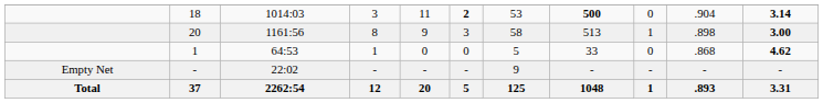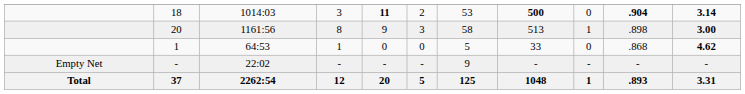 <table class="wikitable sortable" width =1100>
 <tr align="center">
 </tr>
 <tr align="center" bgcolor="">
 <td></td>
 <td>18</td>
 <td>1014:03</td>
 <td>3</td>
-<td>11</td>
-<td><strong>2</strong></td>
+<td><strong>11</strong></td>
+<td>2</td>
 <td>53</td>
 <td><strong>500</strong></td>
 <td>0</td>
-<td>.904</td>
+<td><strong>.904</strong></td>
 <td><strong>3.14</strong></td>
 </tr>
 <tr align="center" bgcolor="f0f0f0">
 <td></td>
 <td>20</td>
 <td>1161:56</td>
 <td>8</td>
 <td>9</td>
 <td>3</td>
 <td>58</td>
 <td>513</td>
 <td>1</td>
 <td>.898</td>
 <td><strong>3.00</strong></td>
 </tr>
 <tr align="center" bgcolor="">
 <td></td>
 <td>1</td>
 <td>64:53</td>
 <td>1</td>
 <td>0</td>
 <td>0</td>
 <td>5</td>
 <td>33</td>
 <td>0</td>
 <td>.868</td>
 <td><strong>4.62</strong></td>
 </tr>
 <tr align="center" bgcolor="f0f0f0">
 <td>Empty Net</td>
 <td>-</td>
 <td>22:02</td>
 <td>-</td>
 <td>-</td>
 <td>-</td>
 <td>9</td>
 <td>-</td>
 <td>-</td>
 <td>-</td>
 <td>-</td>
 </tr>
 <tr>
 <th>Total</th>
 <th>37</th>
 <th>2262:54</th>
 <th>12</th>
 <th>20</th>
 <th>5</th>
 <th>125</th>
 <th>1048</th>
 <th>1</th>
 <th>.893</th>
 <th>3.31</th>
 </tr>
 </table>
